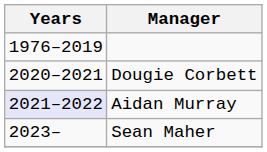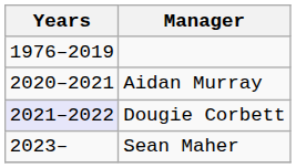 <table class="wikitable">
 <tr>
 <th>Years</th>
 <th>Manager</th>
 </tr>
 <tr>
 <td>1976–2019</td>
 <td></td>
 </tr>
 <tr>
 <td>2020–2021</td>
-<td>Dougie Corbett</td>
+<td>Aidan Murray</td>
 </tr>
 <tr>
 <td style="background: lavender;">2021–2022</td>
-<td>Aidan Murray</td>
+<td>Dougie Corbett</td>
 </tr>
 <tr>
 <td>2023–</td>
 <td>Sean Maher</td>
 </tr>
 <tr>
 </tr>
 </table>
